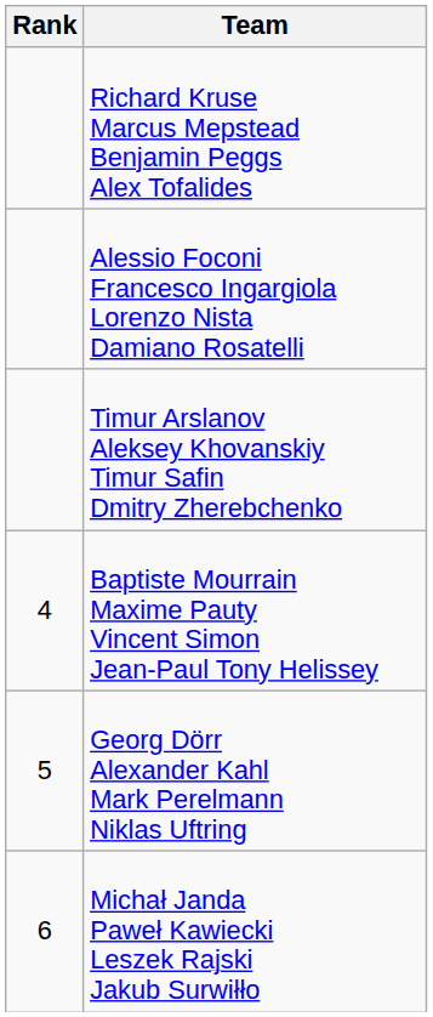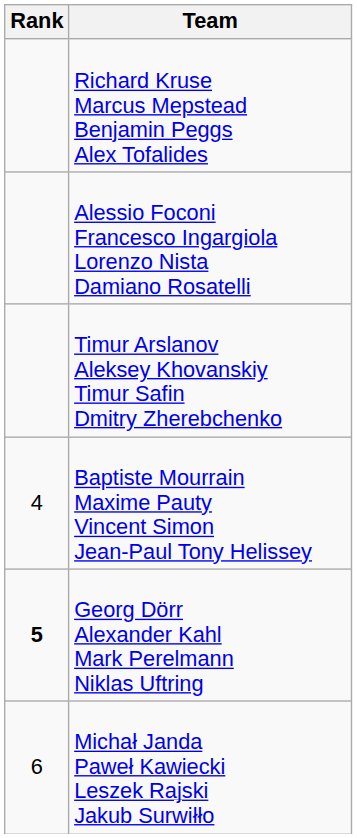 <table class="wikitable" style="text-align: center;">
 <tr>
 <th width=40>Rank</th>
 <th width=200>Team</th>
 </tr>
 <tr>
 <td></td>
 <td align=left><br><a href='#'>Richard Kruse</a><br><a href='#'>Marcus Mepstead</a><br><a href='#'>Benjamin Peggs</a><br><a href='#'>Alex Tofalides</a></td>
 </tr>
 <tr>
 <td></td>
 <td align=left><br><a href='#'>Alessio Foconi</a><br><a href='#'>Francesco Ingargiola</a><br><a href='#'>Lorenzo Nista</a><br><a href='#'>Damiano Rosatelli</a></td>
 </tr>
 <tr>
 <td></td>
 <td align=left><br><a href='#'>Timur Arslanov</a><br><a href='#'>Aleksey Khovanskiy</a><br><a href='#'>Timur Safin</a><br><a href='#'>Dmitry Zherebchenko</a></td>
 </tr>
 <tr>
 <td>4</td>
 <td align=left><br><a href='#'>Baptiste Mourrain</a><br><a href='#'>Maxime Pauty</a><br><a href='#'>Vincent Simon</a><br><a href='#'>Jean-Paul Tony Helissey</a></td>
 </tr>
 <tr>
-<td>5</td>
+<td><strong>5</strong></td>
 <td align=left><br><a href='#'>Georg Dörr</a><br><a href='#'>Alexander Kahl</a><br><a href='#'>Mark Perelmann</a><br><a href='#'>Niklas Uftring</a></td>
 </tr>
 <tr>
 <td>6</td>
 <td align=left><br><a href='#'>Michał Janda</a><br><a href='#'>Paweł Kawiecki</a><br><a href='#'>Leszek Rajski</a><br><a href='#'>Jakub Surwiłło</a></td>
 </tr>
 </table>
